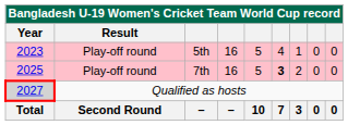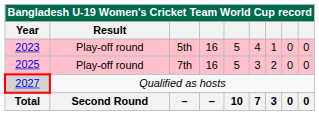 <table class="wikitable" style="text-align:center">
 <tr>
 <th style="color:white; background:#006A4E;" colspan=9>Bangladesh U-19 Women's Cricket Team World Cup record</th>
 </tr>
 <tr>
 <th>Year</th>
 <th>Result</th>
 <th></th>
 <th></th>
 <th></th>
 <th></th>
 <th></th>
 <th></th>
 <th></th>
 </tr>
 <tr bgcolor=pink>
 <td> <a href='#'>2023</a></td>
 <td>Play-off round</td>
 <td>5th</td>
 <td>16</td>
 <td>5</td>
 <td>4</td>
 <td>1</td>
 <td>0</td>
 <td>0</td>
 </tr>
 <tr bgcolor=pink>
 <td> <a href='#'>2025</a></td>
 <td>Play-off round</td>
 <td>7th</td>
 <td>16</td>
 <td>5</td>
-<td><strong>3</strong></td>
+<td>3</td>
 <td>2</td>
 <td>0</td>
 <td>0</td>
 </tr>
 <tr>
 <td style="background: lightgrey; border: 3px solid red"> <a href='#'>2027</a></td>
 <td colspan="8"><em>Qualified as hosts</em></td>
 </tr>
 <tr>
 <th>Total</th>
 <th>Second Round</th>
 <th>–</th>
 <th>–</th>
 <th>10</th>
 <th>7</th>
 <th>3</th>
 <th>0</th>
 <th>0</th>
 </tr>
 </table>
